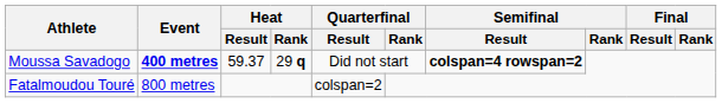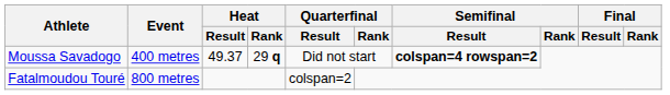 <table class=wikitable style=font-size:90%>
 <tr>
 <th rowspan=2>Athlete</th>
 <th rowspan=2>Event</th>
 <th colspan=2>Heat</th>
 <th colspan=2>Quarterfinal</th>
 <th colspan=2>Semifinal</th>
 <th colspan=2>Final</th>
 </tr>
 <tr style=font-size:95%>
 <th>Result</th>
 <th>Rank</th>
 <th>Result</th>
 <th>Rank</th>
 <th>Result</th>
 <th>Rank</th>
 <th>Result</th>
 <th>Rank</th>
 </tr>
 <tr align=center>
 <td align=left><a href='#'>Moussa Savadogo</a></td>
-<td align=left><strong><a href='#'>400 metres</a></strong></td>
-<td>59.37</td>
+<td align=left><a href='#'>400 metres</a></td>
+<td>49.37</td>
 <td>29 <strong>q</strong></td>
 <td colspan=2>Did not start</td>
 <td><strong>colspan=4 rowspan=2 </strong></td>
 </tr>
 <tr align=center>
 <td align=left><a href='#'>Fatalmoudou Touré</a></td>
 <td align=left><a href='#'>800 metres</a></td>
 <td colspan=2></td>
 <td>colspan=2 </td>
 </tr>
 </table>
